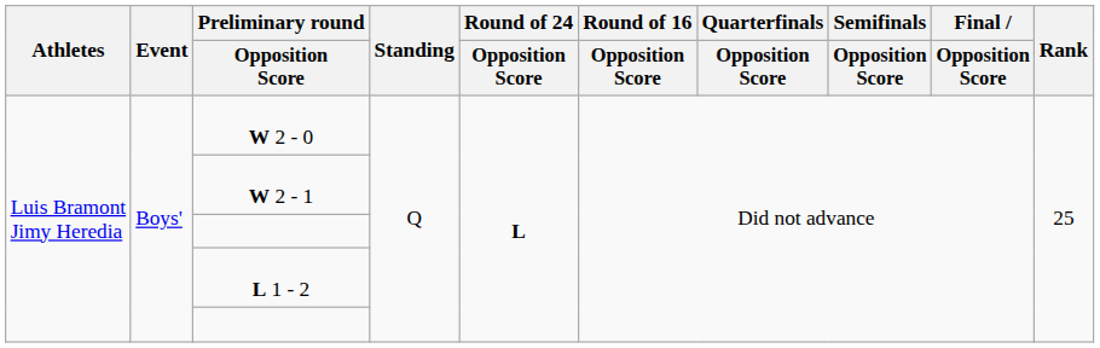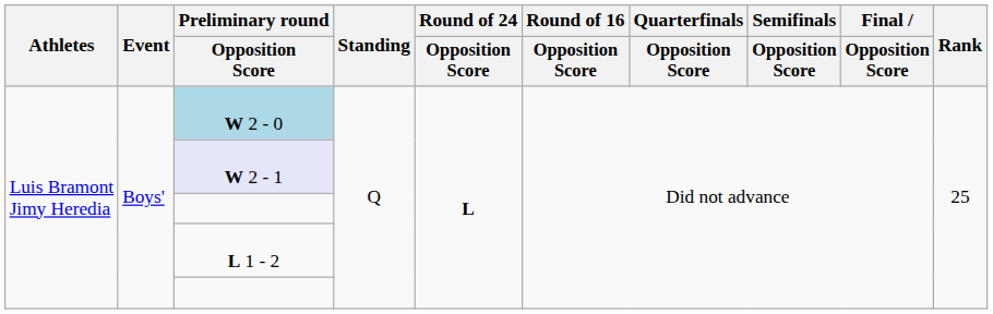 <table class=wikitable style="font-size:90%">
 <tr>
 <th rowspan="2">Athletes</th>
 <th rowspan="2">Event</th>
 <th>Preliminary round</th>
 <th rowspan="2">Standing</th>
 <th>Round of 24</th>
 <th>Round of 16</th>
 <th>Quarterfinals</th>
 <th>Semifinals</th>
 <th>Final / </th>
 <th rowspan=2>Rank</th>
 </tr>
 <tr style="font-size:95%">
 <th>Opposition<br>Score</th>
 <th>Opposition<br>Score</th>
 <th>Opposition<br>Score</th>
 <th>Opposition<br>Score</th>
 <th>Opposition<br>Score</th>
 <th>Opposition<br>Score</th>
 </tr>
 <tr align=center>
 <td align=left rowspan=5><a href='#'>Luis Bramont</a><br><a href='#'>Jimy Heredia</a></td>
 <td align=left rowspan=5><a href='#'>Boys'</a></td>
-<td><br><strong>W</strong> 2 - 0</td>
+<td style="background: lightblue;"><br><strong>W</strong> 2 - 0</td>
 <td rowspan=5>Q</td>
 <td rowspan=5><br><strong>L</strong></td>
 <td rowspan=5 colspan=4>Did not advance</td>
 <td rowspan=5>25</td>
 </tr>
 <tr align=center>
-<td><br><strong>W</strong> 2 - 1</td>
+<td style="background: lavender;"><br><strong>W</strong> 2 - 1</td>
 </tr>
 <tr align=center>
 <td><br></td>
 </tr>
 <tr align=center>
 <td><br><strong>L</strong> 1 - 2</td>
 </tr>
 <tr align=center>
 <td><br></td>
 </tr>
 </table>
